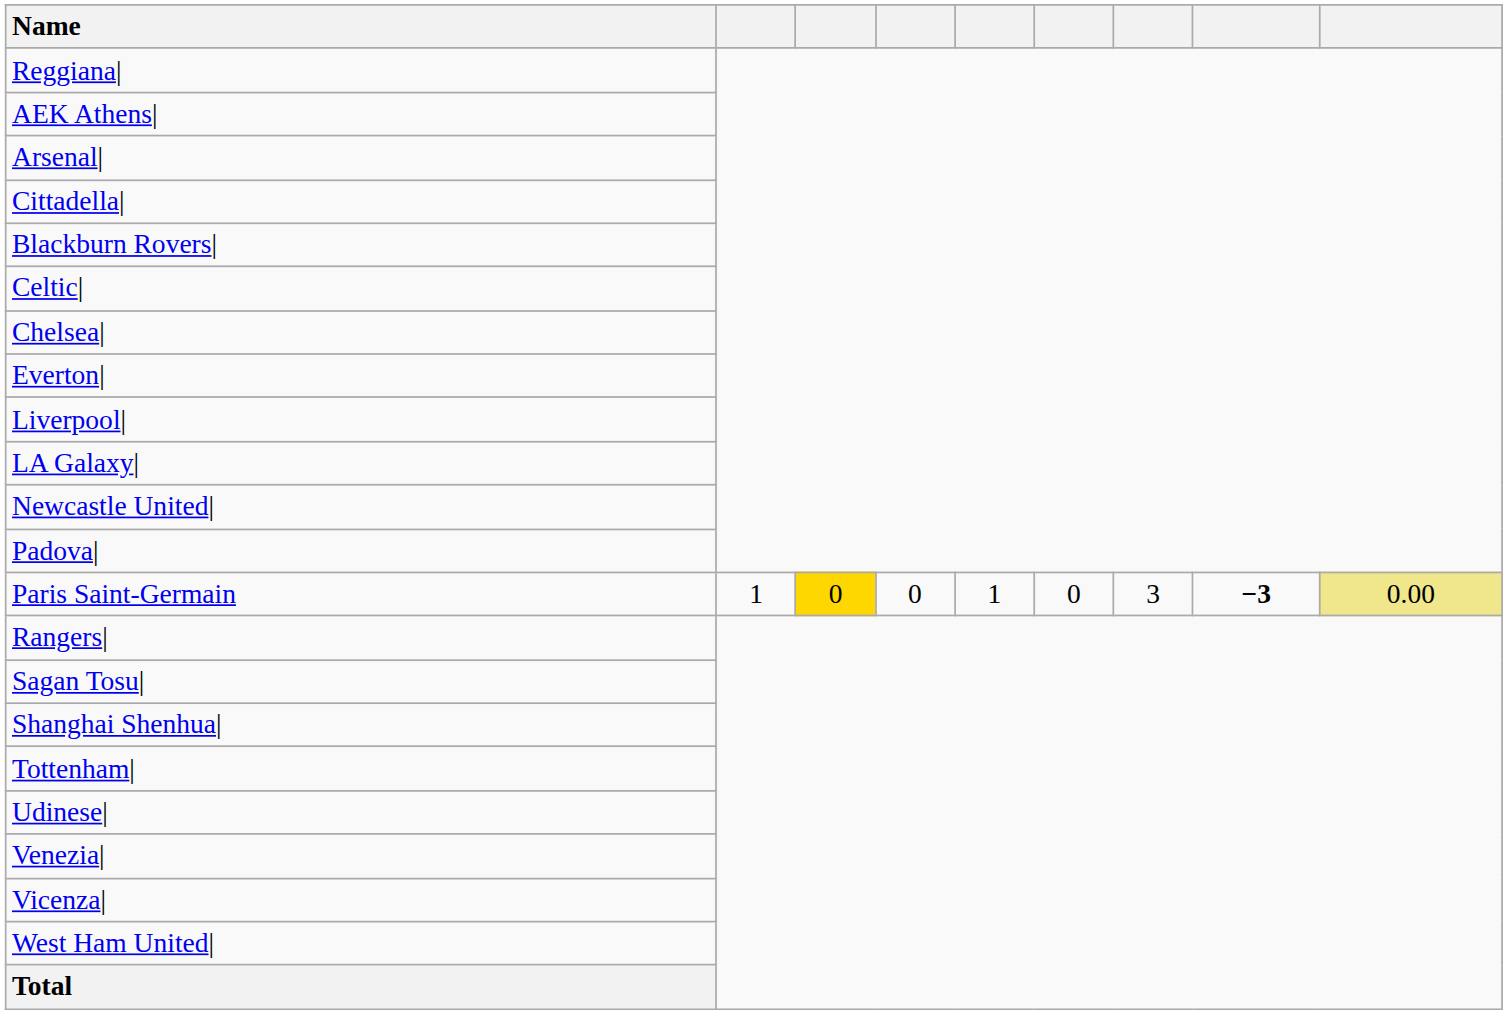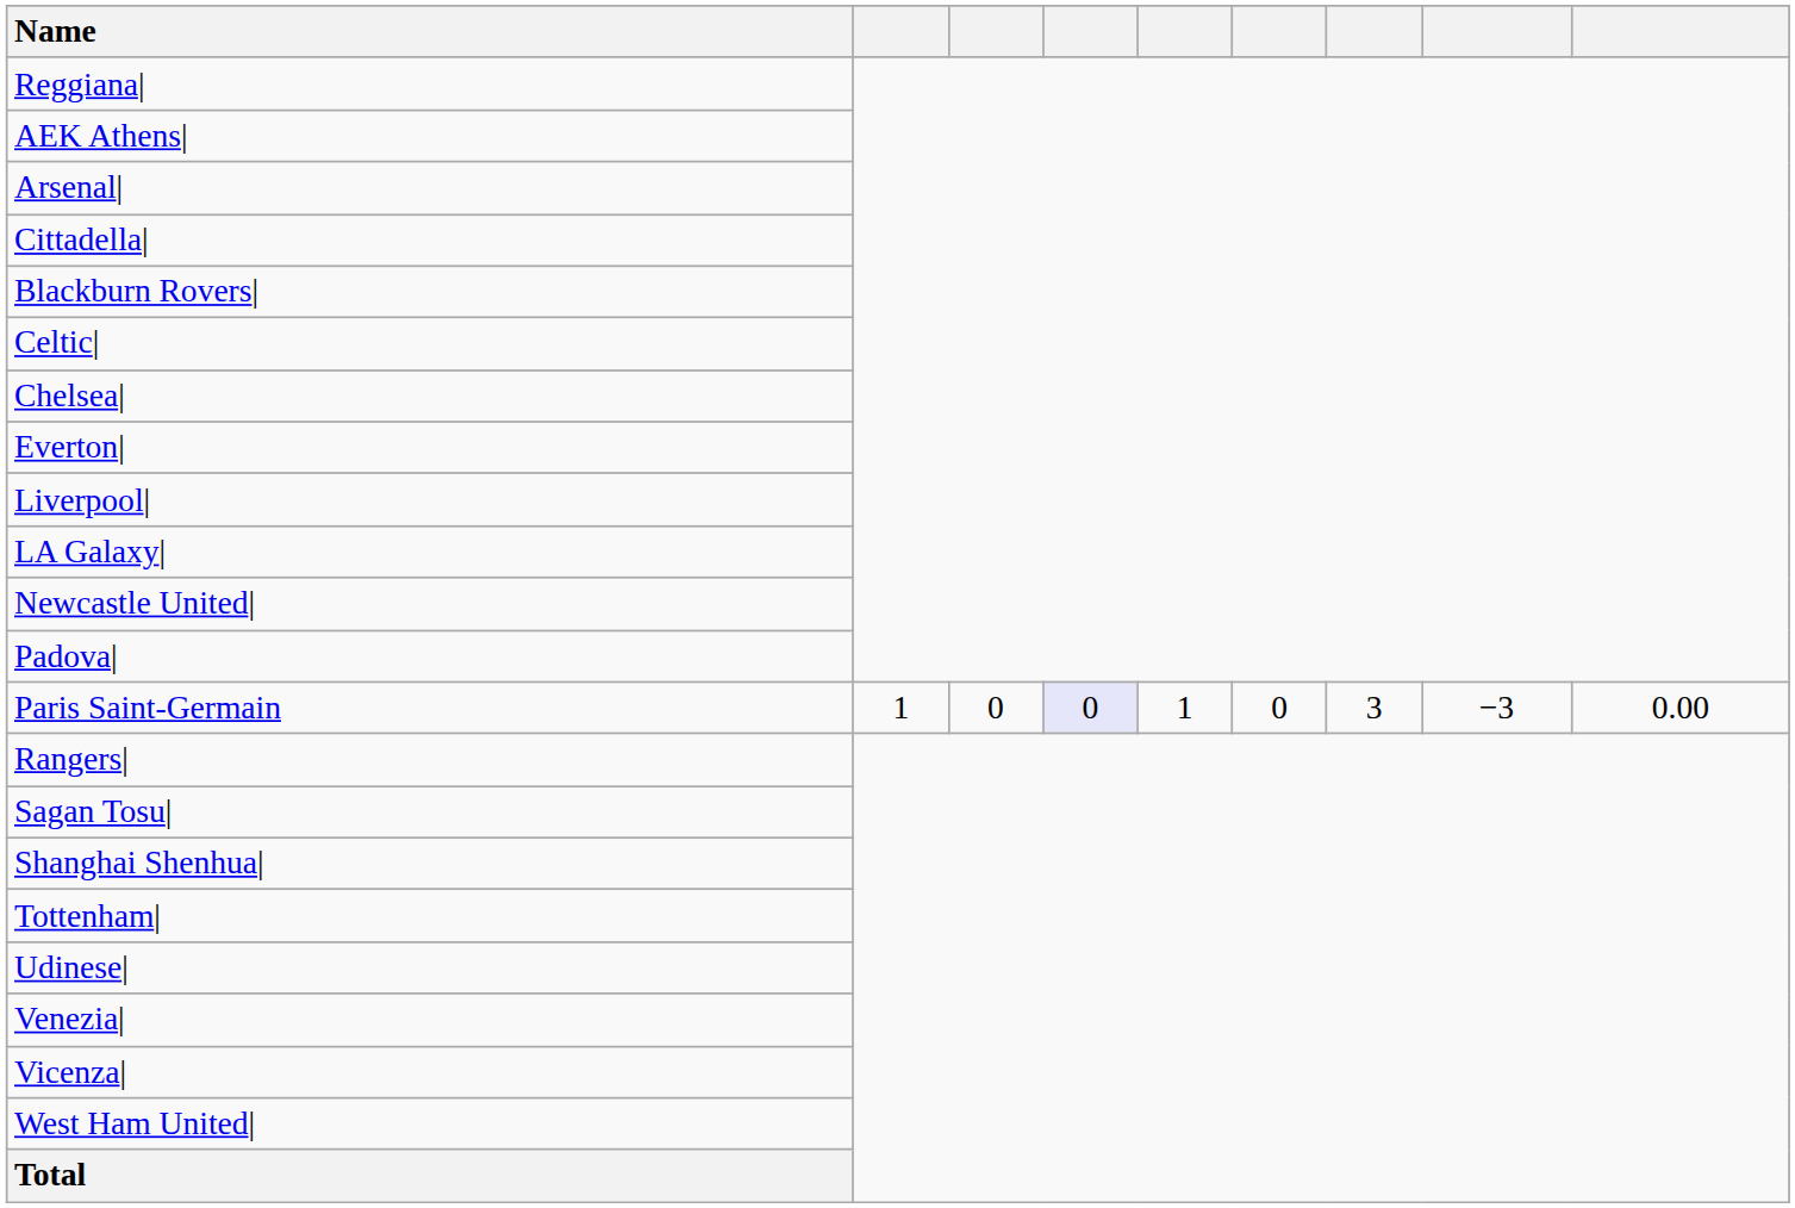 <table class="wikitable sortable" style="text-align:center; margin-left:15px; width:55%; float:">
 <tr>
 <th style="text-align:left;">Name</th>
 <th></th>
 <th></th>
 <th></th>
 <th></th>
 <th></th>
 <th></th>
 <th></th>
 <th></th>
 </tr>
 <tr>
 <td style="text-align:left;"> <a href='#'>Reggiana</a>|</td>
 </tr>
 <tr>
 <td style="text-align:left;"> <a href='#'>AEK Athens</a>|</td>
 </tr>
 <tr>
 <td style="text-align:left;"> <a href='#'>Arsenal</a>|</td>
 </tr>
 <tr>
 <td style="text-align:left;"> <a href='#'>Cittadella</a>|</td>
 </tr>
 <tr>
 <td style="text-align:left;"> <a href='#'>Blackburn Rovers</a>|</td>
 </tr>
 <tr>
 <td style="text-align:left;"> <a href='#'>Celtic</a>|</td>
 </tr>
 <tr>
 <td style="text-align:left;"> <a href='#'>Chelsea</a>|</td>
 </tr>
 <tr>
 <td style="text-align:left;"> <a href='#'>Everton</a>|</td>
 </tr>
 <tr>
 <td style="text-align:left;"> <a href='#'>Liverpool</a>|</td>
 </tr>
 <tr>
 <td style="text-align:left;"> <a href='#'>LA Galaxy</a>|</td>
 </tr>
 <tr>
 <td style="text-align:left;"> <a href='#'>Newcastle United</a>|</td>
 </tr>
 <tr>
 <td style="text-align:left;"> <a href='#'>Padova</a>|</td>
 </tr>
 <tr>
 <td style="text-align:left;"> <a href='#'>Paris Saint-Germain</a></td>
 <td>1</td>
-<td style="background: gold;">0</td>
 <td>0</td>
+<td style="background: lavender;">0</td>
 <td>1</td>
 <td>0</td>
 <td>3</td>
-<td><strong>−3</strong></td>
-<td style="background: khaki;">0.00</td>
+<td>−3</td>
+<td>0.00</td>
 </tr>
 <tr>
 <td style="text-align:left;"> <a href='#'>Rangers</a>|</td>
 </tr>
 <tr>
 <td style="text-align:left;"><a href='#'>Sagan Tosu</a>|</td>
 </tr>
 <tr>
 <td style="text-align:left;"> <a href='#'>Shanghai Shenhua</a>|</td>
 </tr>
 <tr>
 <td style="text-align:left;"> <a href='#'>Tottenham</a>|</td>
 </tr>
 <tr>
 <td style="text-align:left;"> <a href='#'>Udinese</a>|</td>
 </tr>
 <tr>
 <td style="text-align:left;"> <a href='#'>Venezia</a>|</td>
 </tr>
 <tr>
 <td style="text-align:left;"> <a href='#'>Vicenza</a>|</td>
 </tr>
 <tr>
 <td style="text-align:left;"> <a href='#'>West Ham United</a>|</td>
 </tr>
 <tr class="sortbottom">
 <th style="text-align:left;">Total<br></th>
 </tr>
 </table>
